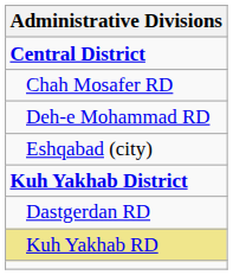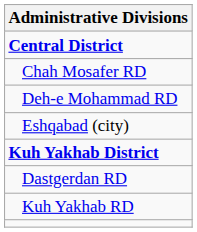 <table class="wikitable">
 <tr>
 <th>Administrative Divisions</th>
 </tr>
 <tr>
 <td><strong><a href='#'>Central District</a></strong></td>
 </tr>
 <tr>
 <td style="padding-left: 1em;"><a href='#'>Chah Mosafer RD</a></td>
 </tr>
 <tr>
 <td style="padding-left: 1em;"><a href='#'>Deh-e Mohammad RD</a></td>
 </tr>
 <tr>
 <td style="padding-left: 1em;"><a href='#'>Eshqabad</a> (city)</td>
 </tr>
 <tr>
 <td><strong><a href='#'>Kuh Yakhab District</a></strong></td>
 </tr>
 <tr>
 <td style="padding-left: 1em;"><a href='#'>Dastgerdan RD</a></td>
 </tr>
 <tr>
-<td style="background: khaki; padding-left: 1em;"><a href='#'>Kuh Yakhab RD</a></td>
+<td style="padding-left: 1em;"><a href='#'>Kuh Yakhab RD</a></td>
 </tr>
 <tr>
 <td colspan=1></td>
 </tr>
 </table>
